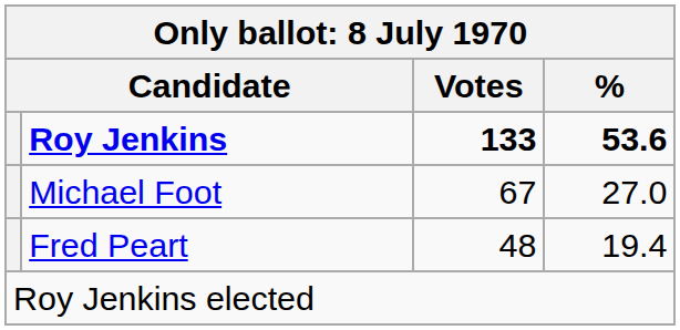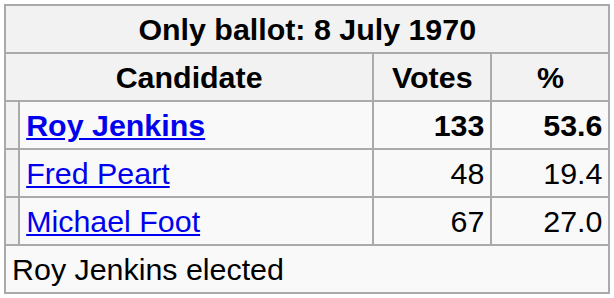 <table class=wikitable style="font-size:95%;">
 <tr>
 <th colspan="4">Only ballot: 8 July 1970</th>
 </tr>
 <tr>
 <th colspan="2" style="width: 170px">Candidate</th>
 <th style="width: 52px">Votes</th>
 <th style="width: 52px">%</th>
 </tr>
 <tr>
 <th style="background-color: "></th>
 <td style="width: 170px"><strong><a href='#'>Roy Jenkins</a></strong></td>
 <td align="right"><strong>133</strong></td>
 <td align="right"><strong>53.6</strong></td>
 </tr>
 <tr>
 <th style="background-color: "></th>
+<td style="width: 170px"><a href='#'>Fred Peart</a></td>
+<td align="right">48</td>
+<td align="right">19.4</td>
+</tr>
+<tr>
+<th style="background-color: "></th>
 <td style="width: 170px"><a href='#'>Michael Foot</a></td>
 <td align="right">67</td>
 <td align="right">27.0</td>
-</tr>
-<tr>
-<th style="background-color: "></th>
-<td style="width: 170px"><a href='#'>Fred Peart</a></td>
-<td align="right">48</td>
-<td align="right">19.4</td>
 </tr>
 <tr>
 <td colspan="4">Roy Jenkins elected</td>
 </tr>
 <tr>
 </tr>
 </table>
